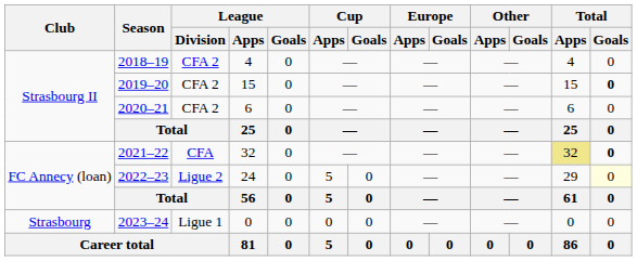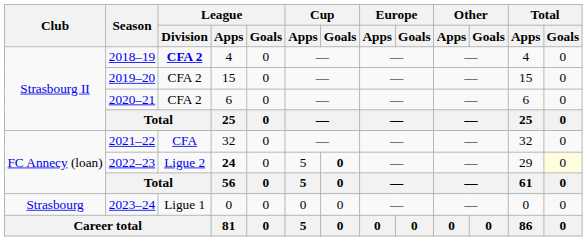 <table class="wikitable" style="text-align: center">
 <tr>
 <th rowspan="2">Club</th>
 <th rowspan="2">Season</th>
 <th colspan="3">League</th>
 <th colspan="2">Cup</th>
 <th colspan="2">Europe</th>
 <th colspan="2">Other</th>
 <th colspan="2">Total</th>
 </tr>
 <tr>
 <th>Division</th>
 <th>Apps</th>
 <th>Goals</th>
 <th>Apps</th>
 <th>Goals</th>
 <th>Apps</th>
 <th>Goals</th>
 <th>Apps</th>
 <th>Goals</th>
 <th>Apps</th>
 <th>Goals</th>
 </tr>
 <tr>
 <td rowspan="4"><a href='#'>Strasbourg II</a></td>
 <td><a href='#'>2018–19</a></td>
-<td><a href='#'>CFA 2</a></td>
+<td><strong><a href='#'>CFA 2</a></strong></td>
 <td>4</td>
 <td>0</td>
 <td colspan="2">—</td>
 <td colspan="2">—</td>
 <td colspan="2">—</td>
 <td>4</td>
 <td>0</td>
 </tr>
 <tr>
 <td><a href='#'>2019–20</a></td>
 <td>CFA 2</td>
 <td>15</td>
 <td>0</td>
 <td colspan="2">—</td>
 <td colspan="2">—</td>
 <td colspan="2">—</td>
 <td>15</td>
-<td><strong>0</strong></td>
+<td>0</td>
 </tr>
 <tr>
 <td><a href='#'>2020–21</a></td>
 <td>CFA 2</td>
 <td>6</td>
 <td>0</td>
 <td colspan="2">—</td>
 <td colspan="2">—</td>
 <td colspan="2">—</td>
 <td>6</td>
 <td>0</td>
 </tr>
 <tr>
 <th colspan="2">Total</th>
 <th>25</th>
 <th>0</th>
 <th colspan="2">—</th>
 <th colspan="2">—</th>
 <th colspan="2">—</th>
 <th>25</th>
 <th>0</th>
 </tr>
 <tr>
 <td rowspan="3"><a href='#'>FC Annecy</a> (loan)</td>
 <td><a href='#'>2021–22</a></td>
 <td><a href='#'>CFA</a></td>
 <td>32</td>
 <td>0</td>
 <td colspan="2">—</td>
 <td colspan="2">—</td>
 <td colspan="2">—</td>
-<td style="background: khaki;">32</td>
-<td><strong>0</strong></td>
+<td>32</td>
+<td>0</td>
 </tr>
 <tr>
 <td><a href='#'>2022–23</a></td>
 <td><a href='#'>Ligue 2</a></td>
-<td>24</td>
+<td><strong>24</strong></td>
 <td>0</td>
 <td>5</td>
-<td>0</td>
+<td><strong>0</strong></td>
 <td colspan="2">—</td>
 <td colspan="2">—</td>
 <td>29</td>
 <td style="background: lightyellow;">0</td>
 </tr>
 <tr>
 <th colspan="2">Total</th>
 <th>56</th>
 <th>0</th>
 <th>5</th>
 <th>0</th>
 <th colspan="2">—</th>
 <th colspan="2">—</th>
 <th>61</th>
 <th>0</th>
 </tr>
 <tr>
 <td><a href='#'>Strasbourg</a></td>
 <td><a href='#'>2023–24</a></td>
 <td>Ligue 1</td>
 <td>0</td>
 <td>0</td>
 <td>0</td>
 <td>0</td>
 <td colspan="2">—</td>
 <td colspan="2">—</td>
 <td>0</td>
 <td>0</td>
 </tr>
 <tr>
 <th colspan="3">Career total</th>
 <th>81</th>
 <th>0</th>
 <th>5</th>
 <th>0</th>
 <th>0</th>
 <th>0</th>
 <th>0</th>
 <th>0</th>
 <th>86</th>
 <th>0</th>
 </tr>
 </table>
